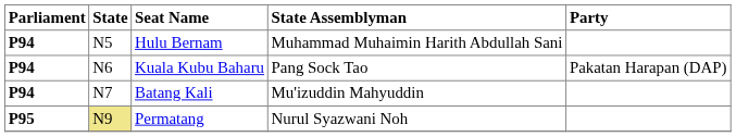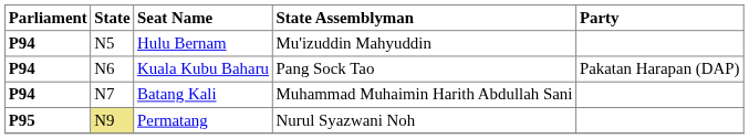 <table class="toccolours sortable" border="1" cellpadding="3" style="border-collapse:collapse; text-align: left;">
 <tr>
 <th align="center">Parliament</th>
 <th>State</th>
 <th>Seat Name</th>
 <th>State Assemblyman</th>
 <th>Party</th>
 </tr>
 <tr>
 <th align="left">P94</th>
 <td>N5</td>
 <td><a href='#'>Hulu Bernam</a></td>
-<td>Muhammad Muhaimin Harith Abdullah Sani</td>
+<td>Mu'izuddin Mahyuddin</td>
 <td></td>
 </tr>
 <tr>
 <th align="left">P94</th>
 <td>N6</td>
 <td><a href='#'>Kuala Kubu Baharu</a></td>
 <td>Pang Sock Tao</td>
 <td>Pakatan Harapan (DAP)</td>
 </tr>
 <tr>
 <th align="left">P94</th>
 <td>N7</td>
 <td><a href='#'>Batang Kali</a></td>
-<td>Mu'izuddin Mahyuddin</td>
+<td>Muhammad Muhaimin Harith Abdullah Sani</td>
 <td></td>
 </tr>
 <tr>
 <th align="left">P95</th>
 <td style="background: khaki;">N9</td>
 <td><a href='#'>Permatang</a></td>
 <td>Nurul Syazwani Noh</td>
 <td></td>
 </tr>
 <tr>
 </tr>
 </table>
